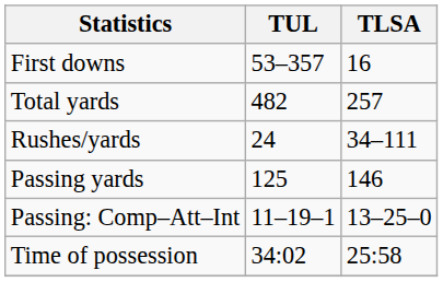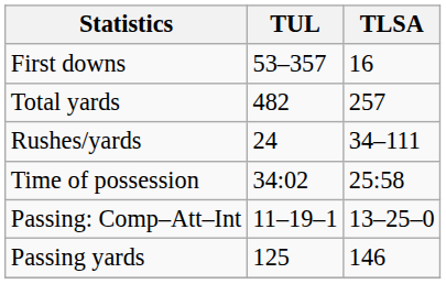 <table class="wikitable" style="float: left;">
 <tr>
 <th>Statistics</th>
 <th>TUL</th>
 <th>TLSA</th>
 </tr>
 <tr>
 <td>First downs</td>
 <td>53–357</td>
 <td>16</td>
 </tr>
 <tr>
 <td>Total yards</td>
 <td>482</td>
 <td>257</td>
 </tr>
 <tr>
 <td>Rushes/yards</td>
 <td>24</td>
 <td>34–111</td>
 </tr>
 <tr>
-<td>Passing yards</td>
-<td>125</td>
-<td>146</td>
+<td>Time of possession</td>
+<td>34:02</td>
+<td>25:58</td>
 </tr>
 <tr>
 <td>Passing: Comp–Att–Int</td>
 <td>11–19–1</td>
 <td>13–25–0</td>
 </tr>
 <tr>
-<td>Time of possession</td>
-<td>34:02</td>
-<td>25:58</td>
+<td>Passing yards</td>
+<td>125</td>
+<td>146</td>
 </tr>
 <tr>
 </tr>
 </table>
